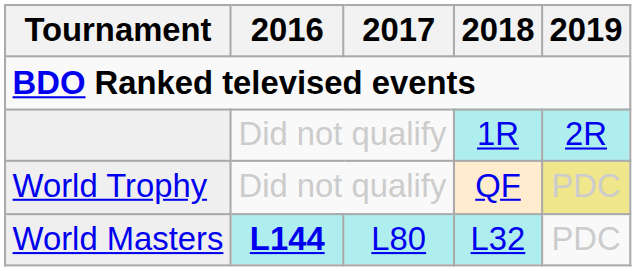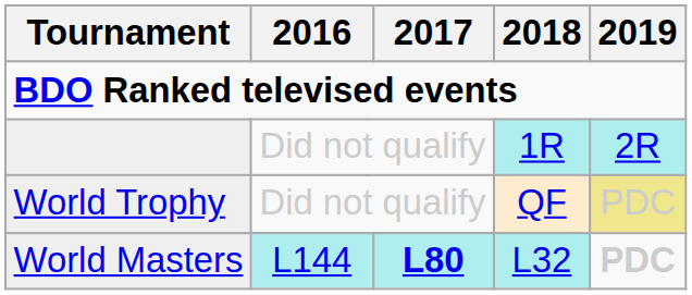 <table class="wikitable">
 <tr>
 <th>Tournament</th>
 <th>2016</th>
 <th>2017</th>
 <th>2018</th>
 <th>2019</th>
 </tr>
 <tr>
 <td colspan="8" align="left"><strong><a href='#'>BDO</a> Ranked televised events</strong></td>
 </tr>
 <tr>
 <td style="background:#efefef;"></td>
 <td colspan="2" style="text-align:center; color:#ccc;">Did not qualify</td>
 <td style="text-align:center; background:#afeeee;"><a href='#'>1R</a></td>
 <td style="text-align:center; background:#afeeee;"><a href='#'>2R</a></td>
 </tr>
 <tr>
 <td style="background:#efefef;"><a href='#'>World Trophy</a></td>
 <td colspan="2" style="text-align:center; color:#ccc;">Did not qualify</td>
 <td style="text-align:center; background:#ffebcd;"><a href='#'>QF</a></td>
 <td style="background: khaki; text-align:center; color:#ccc;">PDC</td>
 </tr>
 <tr>
 <td style="background:#efefef;"><a href='#'>World Masters</a></td>
-<td style="text-align:center; background:#afeeee;"><strong><a href='#'>L144</a></strong></td>
-<td style="text-align:center; background:#afeeee;"><a href='#'>L80</a></td>
+<td style="text-align:center; background:#afeeee;"><a href='#'>L144</a></td>
+<td style="text-align:center; background:#afeeee;"><strong><a href='#'>L80</a></strong></td>
 <td style="text-align:center; background:#afeeee;"><a href='#'>L32</a></td>
-<td style="text-align:center; color:#ccc;">PDC</td>
+<td style="text-align:center; color:#ccc;"><strong>PDC</strong></td>
 </tr>
 </table>
